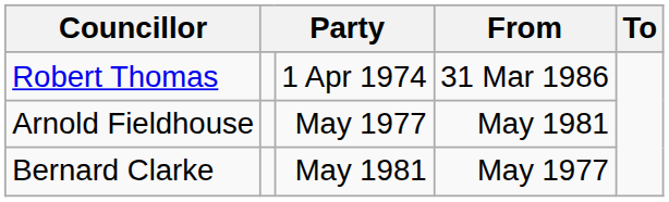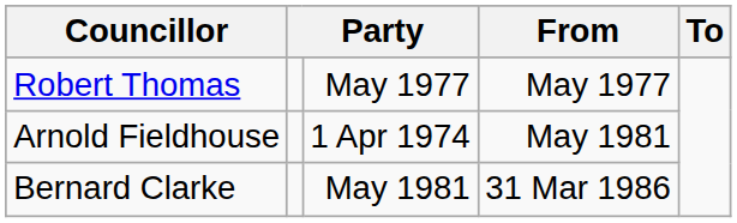 <table class=wikitable>
 <tr>
 <th>Councillor</th>
 <th colspan=2>Party</th>
 <th>From</th>
 <th>To</th>
 </tr>
 <tr>
 <td><a href='#'>Robert Thomas</a></td>
 <td></td>
-<td align=right>1 Apr 1974</td>
-<td align=right>31 Mar 1986</td>
+<td align=right>May 1977</td>
+<td align=right>May 1977</td>
 </tr>
 <tr>
 <td>Arnold Fieldhouse</td>
 <td></td>
-<td align=right>May 1977</td>
+<td align=right>1 Apr 1974</td>
 <td align=right>May 1981</td>
 </tr>
 <tr>
 <td>Bernard Clarke</td>
 <td></td>
 <td align=right>May 1981</td>
-<td align=right>May 1977</td>
+<td align=right>31 Mar 1986</td>
 </tr>
 </table>
